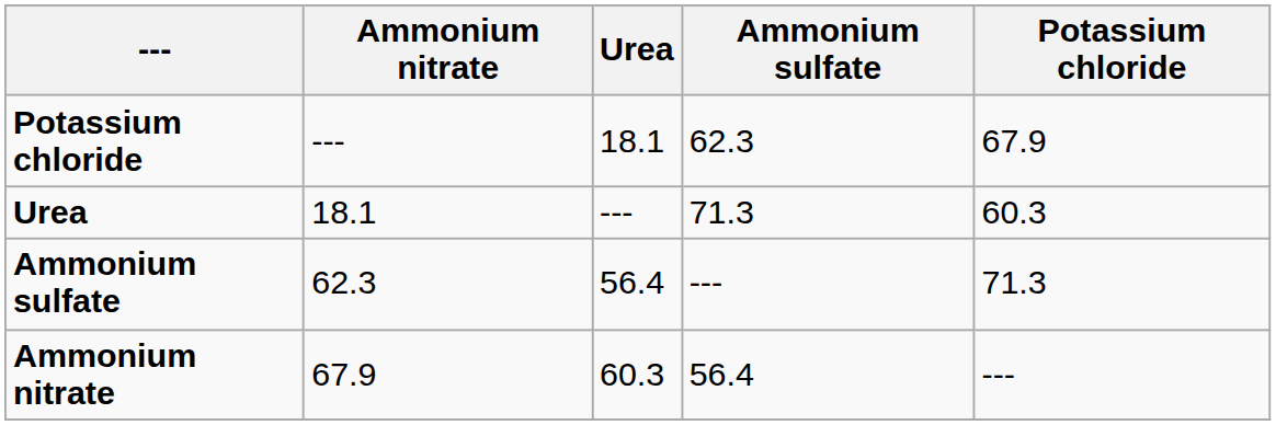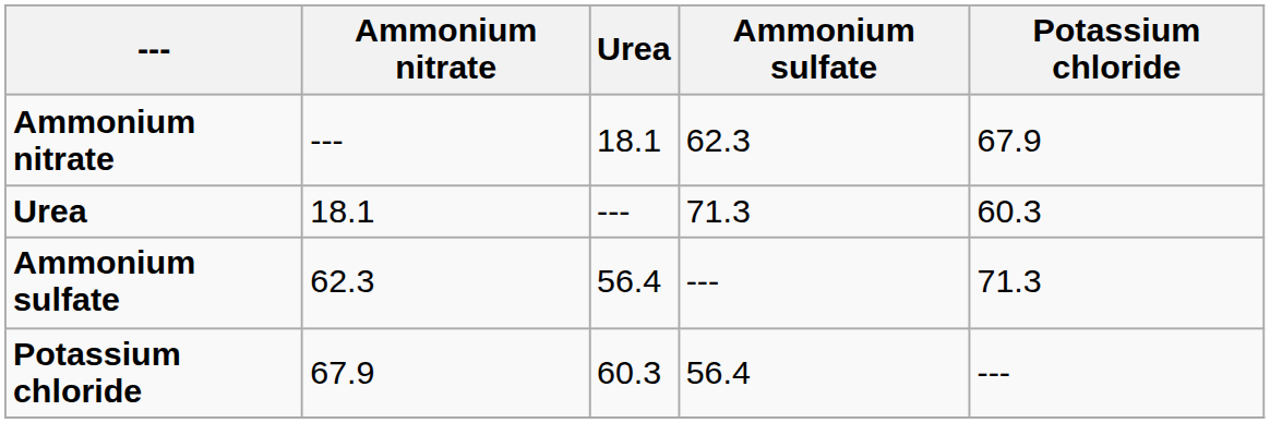 <table class="wikitable">
 <tr>
 <th>---</th>
 <th>Ammonium nitrate</th>
 <th>Urea</th>
 <th>Ammonium sulfate</th>
 <th>Potassium chloride</th>
 </tr>
 <tr>
-<td><strong>Potassium chloride</strong></td>
+<td><strong>Ammonium nitrate</strong></td>
 <td>---</td>
 <td>18.1</td>
 <td>62.3</td>
 <td>67.9</td>
 </tr>
 <tr>
 <td><strong>Urea</strong></td>
 <td>18.1</td>
 <td>---</td>
 <td>71.3</td>
 <td>60.3</td>
 </tr>
 <tr>
 <td><strong>Ammonium sulfate</strong></td>
 <td>62.3</td>
 <td>56.4</td>
 <td>---</td>
 <td>71.3</td>
 </tr>
 <tr>
-<td><strong>Ammonium nitrate</strong></td>
+<td><strong>Potassium chloride</strong></td>
 <td>67.9</td>
 <td>60.3</td>
 <td>56.4</td>
 <td>---</td>
 </tr>
 <tr>
 </tr>
 </table>
